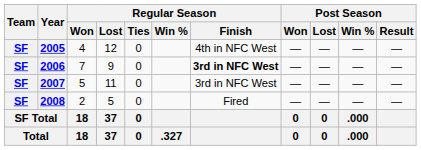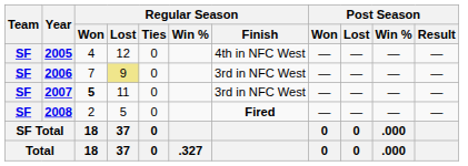 <table class="wikitable" style="font-size: 95%; text-align:center;">
 <tr>
 <th rowspan="2">Team</th>
 <th rowspan="2">Year</th>
 <th colspan="5">Regular Season</th>
 <th colspan="4">Post Season</th>
 </tr>
 <tr>
 <th>Won</th>
 <th>Lost</th>
 <th>Ties</th>
 <th>Win %</th>
 <th>Finish</th>
 <th>Won</th>
 <th>Lost</th>
 <th>Win %</th>
 <th>Result</th>
 </tr>
 <tr>
 <th><a href='#'>SF</a></th>
 <th><a href='#'>2005</a></th>
 <td>4</td>
 <td>12</td>
 <td>0</td>
 <td></td>
 <td>4th in NFC West</td>
 <td>—</td>
 <td>—</td>
 <td>—</td>
 <td>—</td>
 </tr>
 <tr>
 <th><a href='#'>SF</a></th>
 <th><a href='#'>2006</a></th>
 <td>7</td>
-<td>9</td>
+<td style="background: khaki;">9</td>
 <td>0</td>
 <td></td>
-<td><strong>3rd in NFC West</strong></td>
+<td>3rd in NFC West</td>
 <td>—</td>
 <td>—</td>
 <td>—</td>
 <td>—</td>
 </tr>
 <tr>
 <th><a href='#'>SF</a></th>
 <th><a href='#'>2007</a></th>
-<td>5</td>
+<td><strong>5</strong></td>
 <td>11</td>
 <td>0</td>
 <td></td>
 <td>3rd in NFC West</td>
 <td>—</td>
 <td>—</td>
 <td>—</td>
 <td>—</td>
 </tr>
 <tr>
 <th><a href='#'>SF</a></th>
 <th><a href='#'>2008</a></th>
 <td>2</td>
 <td>5</td>
 <td>0</td>
 <td></td>
-<td>Fired</td>
+<td><strong>Fired</strong></td>
 <td>—</td>
 <td>—</td>
 <td>—</td>
 <td>—</td>
 </tr>
 <tr>
 <th colspan="2">SF Total</th>
 <th>18</th>
 <th>37</th>
 <th>0</th>
 <th></th>
 <th></th>
 <th>0</th>
 <th>0</th>
 <th>.000</th>
 <th></th>
 </tr>
 <tr>
 <th colspan="2">Total</th>
 <th>18</th>
 <th>37</th>
 <th>0</th>
 <th>.327</th>
 <th></th>
 <th>0</th>
 <th>0</th>
 <th>.000</th>
 <th></th>
 </tr>
 </table>
